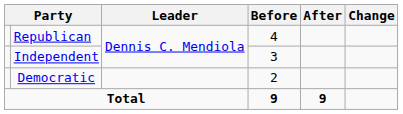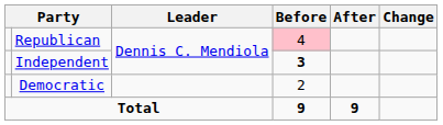 <table class="wikitable" style="text-align:center;">
 <tr>
 </tr>
 <tr>
 <th colspan="2">Party</th>
 <th>Leader</th>
 <th style="width:3em">Before</th>
 <th style="width:3em">After</th>
 <th style="width:3em">Change</th>
 </tr>
 <tr>
 <td style="background-color:"></td>
 <td style="text-align:left;"><a href='#'>Republican</a></td>
 <td rowspan="2"><a href='#'>Dennis C. Mendiola</a></td>
-<td>4</td>
+<td style="background: pink;">4</td>
 <td></td>
 <td></td>
 </tr>
 <tr>
 <td style="background-color:"></td>
 <td style="text-align:left;"><a href='#'>Independent</a></td>
-<td>3</td>
+<td><strong>3</strong></td>
 <td></td>
 <td></td>
 </tr>
 <tr>
 <td style="background-color:"></td>
 <td><a href='#'>Democratic</a></td>
 <td></td>
 <td>2</td>
 <td></td>
 <td></td>
 </tr>
 <tr>
 <td colspan="3"><strong>Total</strong></td>
 <td><strong>9</strong></td>
 <td><strong>9</strong></td>
 <td></td>
 </tr>
 </table>
